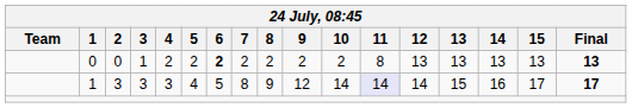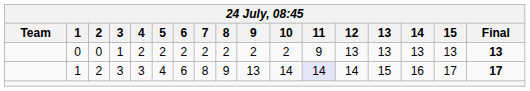 <table class=wikitable style="text-align:center; width: 55%">
 <tr>
 <th colspan=17><em>24 July, 08:45</em></th>
 </tr>
 <tr>
 <th>Team</th>
 <th>1</th>
 <th>2</th>
 <th>3</th>
 <th>4</th>
 <th>5</th>
 <th>6</th>
 <th>7</th>
 <th>8</th>
 <th>9</th>
 <th>10</th>
 <th>11</th>
 <th>12</th>
 <th>13</th>
 <th>14</th>
 <th>15</th>
 <th>Final</th>
 </tr>
 <tr>
 <td align=left></td>
 <td>0</td>
 <td>0</td>
 <td>1</td>
 <td>2</td>
 <td>2</td>
-<td><strong>2</strong></td>
 <td>2</td>
 <td>2</td>
 <td>2</td>
 <td>2</td>
-<td>8</td>
+<td>2</td>
+<td>9</td>
 <td>13</td>
 <td>13</td>
 <td>13</td>
 <td>13</td>
 <td><strong>13</strong></td>
 </tr>
 <tr>
 <td align=left><strong></strong></td>
 <td>1</td>
-<td>3</td>
+<td>2</td>
 <td>3</td>
 <td>3</td>
 <td>4</td>
-<td>5</td>
+<td>6</td>
 <td>8</td>
 <td>9</td>
-<td>12</td>
+<td>13</td>
 <td>14</td>
 <td style="background: lavender;">14</td>
 <td>14</td>
 <td>15</td>
 <td>16</td>
 <td>17</td>
 <td><strong>17</strong></td>
 </tr>
 <tr>
 <td colspan=17></td>
 </tr>
 </table>
